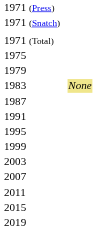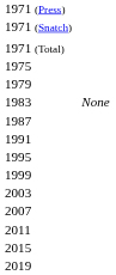 <table>
 <tr>
 <td>1971 <small>(<a href='#'>Press</a>)</small></td>
 <td></td>
 <td></td>
 <td></td>
 </tr>
 <tr>
 <td>1971 <small>(<a href='#'>Snatch</a>)</small></td>
 <td></td>
 <td></td>
 <td></td>
 </tr>
 <tr>
 <td></td>
 <td></td>
 <td></td>
 <td></td>
 </tr>
 <tr>
 <td>1971 <small>(Total)</small></td>
 <td></td>
 <td></td>
 <td></td>
 </tr>
 <tr>
 <td>1975</td>
 <td></td>
 <td></td>
 <td></td>
 </tr>
 <tr>
 <td>1979</td>
 <td></td>
 <td></td>
 <td></td>
 </tr>
 <tr>
 <td>1983</td>
 <td></td>
 <td></td>
-<td style="background: khaki;"><em>None</em></td>
+<td><em>None</em></td>
 </tr>
 <tr>
 <td>1987</td>
 <td></td>
 <td></td>
 <td></td>
 </tr>
 <tr>
 <td>1991</td>
 <td></td>
 <td></td>
 <td></td>
 </tr>
 <tr>
 <td>1995</td>
 <td></td>
 <td></td>
 <td></td>
 </tr>
 <tr>
 <td>1999</td>
 <td></td>
 <td></td>
 <td></td>
 </tr>
 <tr>
 <td>2003</td>
 <td></td>
 <td></td>
 <td></td>
 </tr>
 <tr>
 <td>2007</td>
 <td align="left"></td>
 <td align="left"></td>
 <td align="left"></td>
 </tr>
 <tr>
 <td>2011<br></td>
 <td></td>
 <td></td>
 <td></td>
 </tr>
 <tr>
 <td>2015<br></td>
 <td></td>
 <td></td>
 <td></td>
 </tr>
 <tr>
 <td>2019<br></td>
 <td></td>
 <td></td>
 <td></td>
 </tr>
 </table>
